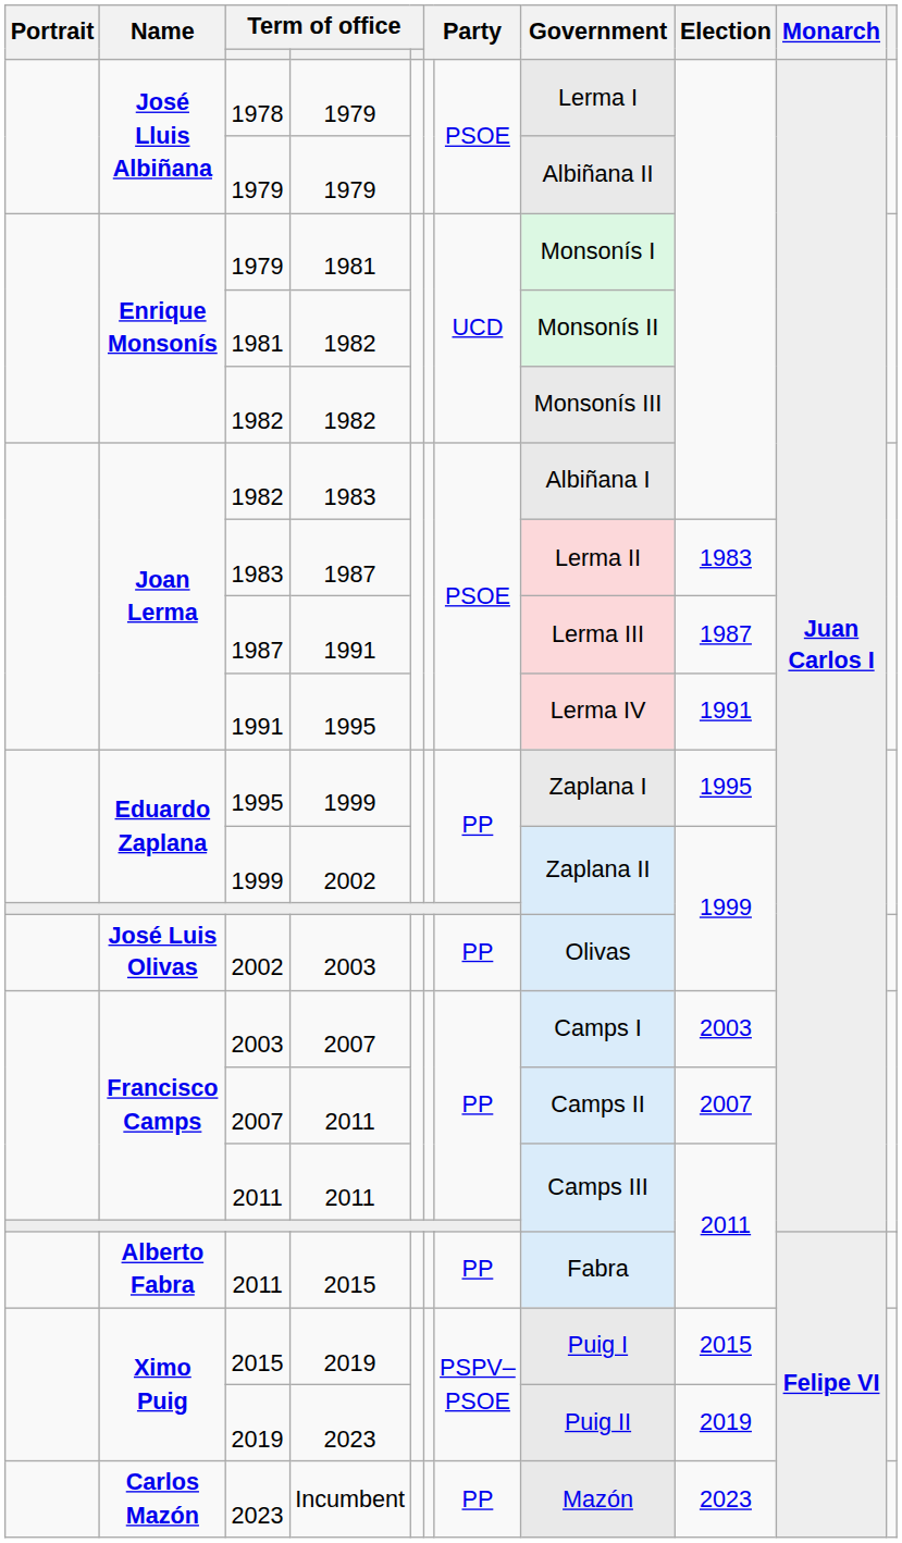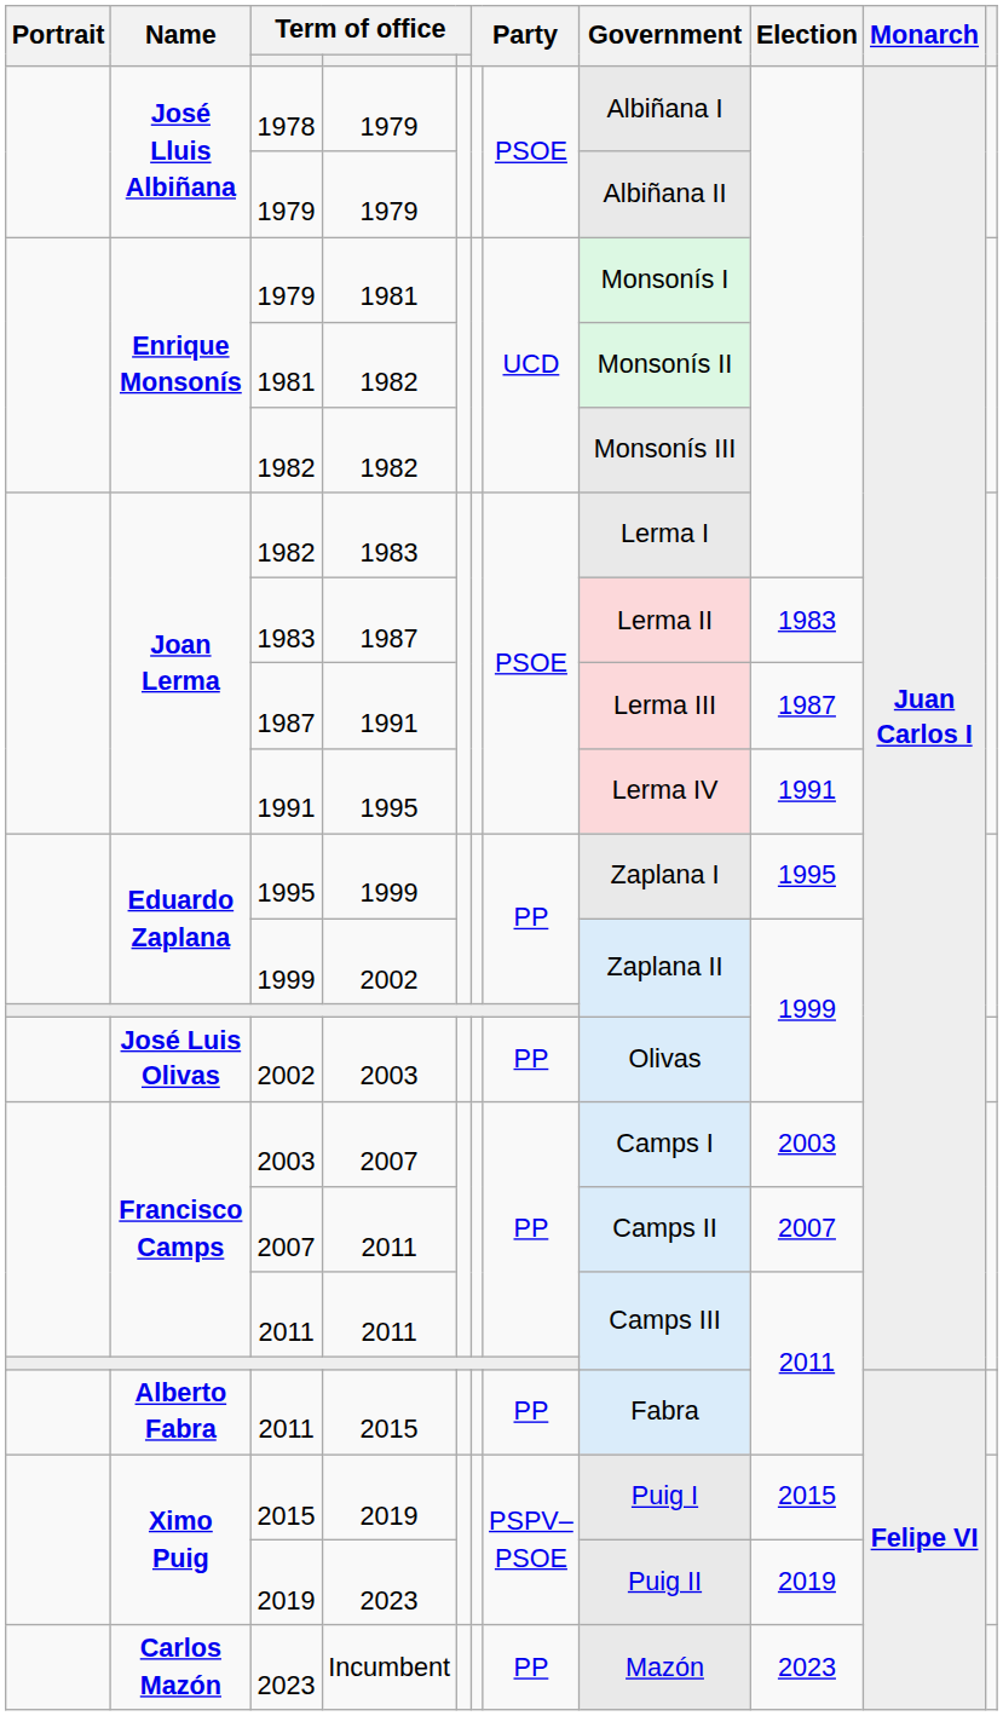 <table class="wikitable" style="line-height:1.4em; text-align:center; border:1px #aaf solid;">
 <tr>
 <th rowspan="2" width="65">Portrait</th>
 <th rowspan="2" width="250">Name<br></th>
 <th colspan="3">Term of office</th>
 <th rowspan="2" colspan="2" width="90">Party</th>
 <th rowspan="2" width="275">Government<br></th>
 <th rowspan="2" width="65">Election</th>
 <th rowspan="2" width="75"><a href='#'>Monarch</a><br></th>
 <th rowspan="2"></th>
 </tr>
 <tr>
 <th width="85"></th>
 <th width="85"></th>
 <th width="85"></th>
 </tr>
 <tr>
 <td rowspan="2" width="65"></td>
 <td rowspan="2"><strong><a href='#'>José Lluis Albiñana</a></strong><br></td>
 <td class="nowrap"><br>1978</td>
 <td class="nowrap"><br>1979</td>
 <td rowspan="2" style="font-size:95%;"></td>
 <td rowspan="2" width="1" style="color:inherit;background:"></td>
 <td rowspan="2" width="90"><a href='#'>PSOE</a></td>
-<td style="background:#E9E9E9;">Lerma I<br></td>
+<td style="background:#E9E9E9;">Albiñana I<br></td>
 <td rowspan="6" style="color:#ccc;"></td>
 <td scope="row" style="text-align:center;" rowspan="18" bgcolor="#EEEEEE"><br><strong><a href='#'>Juan Carlos I</a></strong><br><br></td>
 <td rowspan="2"><br></td>
 </tr>
 <tr>
 <td class="nowrap"><br>1979</td>
 <td class="nowrap"><br>1979</td>
 <td style="background:#E9E9E9;">Albiñana II<br></td>
 </tr>
 <tr>
 <td rowspan="3"></td>
 <td rowspan="3"><strong><a href='#'>Enrique Monsonís</a></strong><br></td>
 <td class="nowrap"><br>1979</td>
 <td class="nowrap"><br>1981</td>
 <td rowspan="3" style="font-size:95%;"></td>
 <td rowspan="3" style="color:inherit;background:"></td>
 <td rowspan="3"><a href='#'>UCD</a></td>
 <td style="background:#DCF8E3;">Monsonís I<br></td>
 <td rowspan="3"></td>
 </tr>
 <tr>
 <td class="nowrap"><br>1981</td>
 <td class="nowrap"><br>1982</td>
 <td style="background:#DCF8E3;">Monsonís II<br></td>
 </tr>
 <tr>
 <td class="nowrap"><br>1982</td>
 <td class="nowrap"><br>1982</td>
 <td style="background:#E9E9E9;">Monsonís III<br></td>
 </tr>
 <tr>
 <td rowspan="4"></td>
 <td rowspan="4"><strong><a href='#'>Joan Lerma</a></strong><br></td>
 <td class="nowrap"><br>1982</td>
 <td class="nowrap"><br>1983</td>
 <td rowspan="4" style="font-size:95%;"></td>
 <td rowspan="4" style="color:inherit;background:"></td>
 <td rowspan="4"><a href='#'>PSOE</a></td>
-<td style="background:#E9E9E9;">Albiñana I<br></td>
+<td style="background:#E9E9E9;">Lerma I<br></td>
 <td rowspan="4"><br><br><br><br><br></td>
 </tr>
 <tr>
 <td class="nowrap"><br>1983</td>
 <td class="nowrap"><br>1987</td>
 <td style="background:#FCD8DA;">Lerma II<br></td>
 <td><a href='#'>1983</a></td>
 </tr>
 <tr>
 <td class="nowrap"><br>1987</td>
 <td class="nowrap"><br>1991</td>
 <td style="background:#FCD8DA;">Lerma III<br></td>
 <td><a href='#'>1987</a></td>
 </tr>
 <tr>
 <td class="nowrap"><br>1991</td>
 <td class="nowrap"><br>1995</td>
 <td style="background:#FCD8DA;">Lerma IV<br></td>
 <td><a href='#'>1991</a></td>
 </tr>
 <tr>
 <td rowspan="2"></td>
 <td rowspan="2"><strong><a href='#'>Eduardo Zaplana</a></strong><br></td>
 <td class="nowrap"><br>1995</td>
 <td class="nowrap"><br>1999</td>
 <td rowspan="2" style="font-size:95%;"></td>
 <td rowspan="2" style="color:inherit;background:"></td>
 <td rowspan="2"><a href='#'>PP</a></td>
 <td style="background:#E9E9E9;">Zaplana I<br></td>
 <td><a href='#'>1995</a></td>
 <td rowspan="3"><br><br><br></td>
 </tr>
 <tr>
 <td class="nowrap"><br>1999</td>
 <td class="nowrap"><br>2002<br></td>
 <td rowspan="2" style="background:#DAECFA;">Zaplana II<br></td>
 <td rowspan="3"><a href='#'>1999</a></td>
 </tr>
 <tr>
 <td colspan="7" style="background:#EEEEEE;"></td>
 </tr>
 <tr>
 <td></td>
 <td><strong><a href='#'>José Luis Olivas</a></strong><br></td>
 <td class="nowrap"><br>2002</td>
 <td class="nowrap"><br>2003</td>
 <td style="font-size:95%;"></td>
 <td style="color:inherit;background:"></td>
 <td><a href='#'>PP</a></td>
 <td style="background:#DAECFA;">Olivas<br></td>
 <td><br></td>
 </tr>
 <tr>
 <td rowspan="3"></td>
 <td rowspan="3"><strong><a href='#'>Francisco Camps</a></strong><br></td>
 <td class="nowrap"><br>2003</td>
 <td class="nowrap"><br>2007</td>
 <td rowspan="3" style="font-size:95%;"></td>
 <td rowspan="3" style="color:inherit;background:"></td>
 <td rowspan="3"><a href='#'>PP</a></td>
 <td style="background:#DAECFA;">Camps I<br></td>
 <td><a href='#'>2003</a></td>
 <td rowspan="4"><br><br><br><br><br></td>
 </tr>
 <tr>
 <td class="nowrap"><br>2007</td>
 <td class="nowrap"><br>2011</td>
 <td style="background:#DAECFA;">Camps II<br></td>
 <td><a href='#'>2007</a></td>
 </tr>
 <tr>
 <td class="nowrap"><br>2011</td>
 <td class="nowrap"><br>2011<br></td>
 <td rowspan="2" style="background:#DAECFA;">Camps III<br></td>
 <td rowspan="4"><a href='#'>2011</a></td>
 </tr>
 <tr>
 <td colspan="7" style="background:#EEEEEE;"></td>
 </tr>
 <tr>
 <td rowspan="2"></td>
 <td rowspan="2"><strong><a href='#'>Alberto Fabra</a></strong><br></td>
 <td rowspan="2" class="nowrap"><br>2011</td>
 <td rowspan="2" class="nowrap"><br>2015</td>
 <td rowspan="2" style="font-size:95%;"></td>
 <td rowspan="2" style="color:inherit;background:"></td>
 <td rowspan="2"><a href='#'>PP</a></td>
 <td rowspan="2" style="background:#DAECFA;">Fabra<br></td>
 <td rowspan="2"><br></td>
 </tr>
 <tr>
 <td rowspan="4" scope="row" style="text-align:center;" bgcolor="#EEEEEE"><br><strong><a href='#'>Felipe VI</a></strong><br><br></td>
 </tr>
 <tr>
 <td rowspan="2"></td>
 <td rowspan="2"><strong><a href='#'>Ximo Puig</a></strong><br></td>
 <td class="nowrap"><br>2015</td>
 <td class="nowrap"><br>2019</td>
 <td rowspan="2" style="font-size:95%;"></td>
 <td rowspan="2" style="color:inherit;background:"></td>
 <td rowspan="2"><a href='#'>PSPV–PSOE</a></td>
 <td style="background:#E9E9E9;"><a href='#'>Puig I</a><br></td>
 <td><a href='#'>2015</a></td>
 <td rowspan="2"><br><br></td>
 </tr>
 <tr>
 <td class="nowrap"><br>2019</td>
 <td class="nowrap"><br>2023</td>
 <td style="background:#E9E9E9;"><a href='#'>Puig II</a><br></td>
 <td><a href='#'>2019</a></td>
 </tr>
 <tr>
 <td></td>
 <td><strong><a href='#'>Carlos Mazón</a></strong><br></td>
 <td class="nowrap"><br>2023</td>
 <td class="nowrap">Incumbent</td>
 <td style="font-size:95%;"></td>
 <td style="color:inherit;background:"></td>
 <td><a href='#'>PP</a></td>
 <td style="background:#E9E9E9;"><a href='#'>Mazón</a><br></td>
 <td><a href='#'>2023</a></td>
 <td></td>
 </tr>
 </table>
